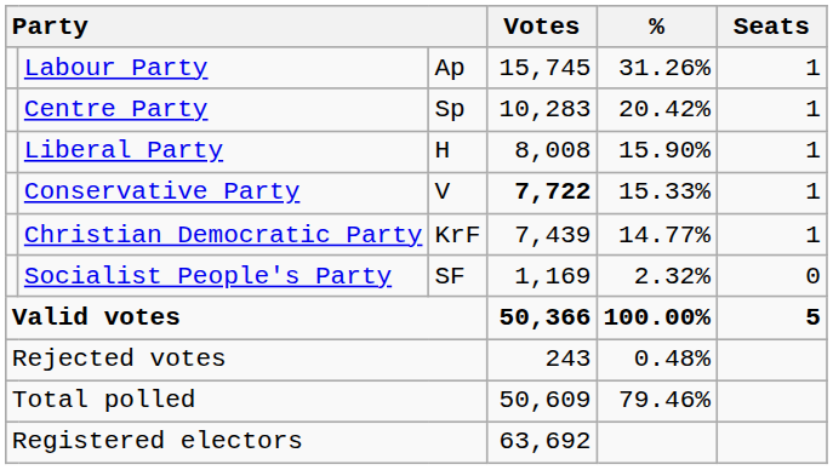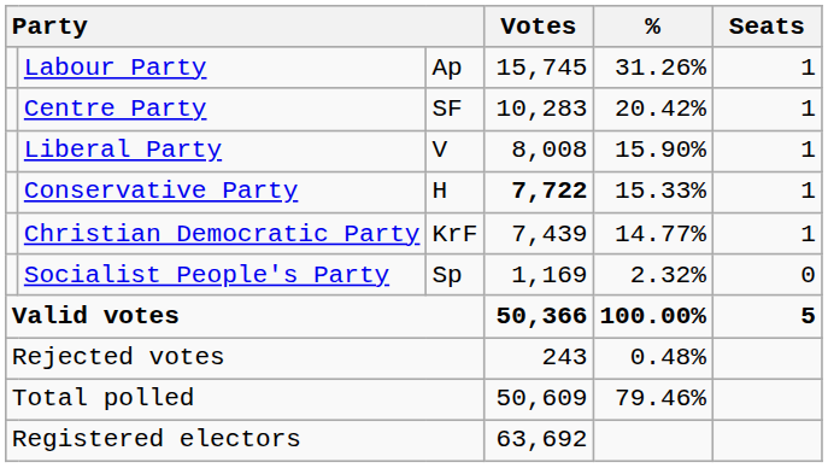 <table class="wikitable" border="1" style="text-align:right;">
 <tr>
 <th style="text-align:left;" colspan=3>Party</th>
 <th align=center width="50">Votes</th>
 <th align=center width="50">%</th>
 <th align=center width="50">Seats</th>
 </tr>
 <tr>
 <td style="color:inherit;background:"></td>
 <td align=left><a href='#'>Labour Party</a></td>
 <td align=left>Ap</td>
 <td>15,745</td>
 <td>31.26%</td>
 <td>1</td>
 </tr>
 <tr>
 <td style="color:inherit;background:"></td>
 <td align=left><a href='#'>Centre Party</a></td>
-<td align=left>Sp</td>
+<td align=left>SF</td>
 <td>10,283</td>
 <td>20.42%</td>
 <td>1</td>
 </tr>
 <tr>
 <td style="color:inherit;background:"></td>
 <td align=left><a href='#'>Liberal Party</a></td>
-<td align=left>H</td>
+<td align=left>V</td>
 <td>8,008</td>
 <td>15.90%</td>
 <td>1</td>
 </tr>
 <tr>
 <td style="color:inherit;background:"></td>
 <td align=left><a href='#'>Conservative Party</a></td>
-<td align=left>V</td>
+<td align=left>H</td>
 <td><strong>7,722</strong></td>
 <td>15.33%</td>
 <td>1</td>
 </tr>
 <tr>
 <td style="color:inherit;background:"></td>
 <td align=left><a href='#'>Christian Democratic Party</a></td>
 <td align=left>KrF</td>
 <td>7,439</td>
 <td>14.77%</td>
 <td>1</td>
 </tr>
 <tr>
 <td style="color:inherit;background:"></td>
 <td align=left><a href='#'>Socialist People's Party</a></td>
-<td align=left>SF</td>
+<td align=left>Sp</td>
 <td>1,169</td>
 <td>2.32%</td>
 <td>0</td>
 </tr>
 <tr style="font-weight:bold">
 <td align=left colspan=3>Valid votes</td>
 <td>50,366</td>
 <td>100.00%</td>
 <td>5</td>
 </tr>
 <tr>
 <td align=left colspan=3>Rejected votes</td>
 <td>243</td>
 <td>0.48%</td>
 <td></td>
 </tr>
 <tr>
 <td align=left colspan=3>Total polled</td>
 <td>50,609</td>
 <td>79.46%</td>
 <td></td>
 </tr>
 <tr>
 <td align=left colspan=3>Registered electors</td>
 <td>63,692</td>
 <td></td>
 <td></td>
 </tr>
 </table>
